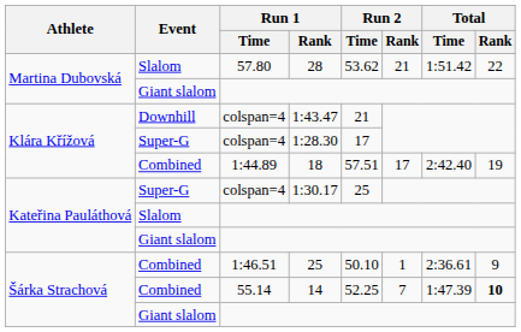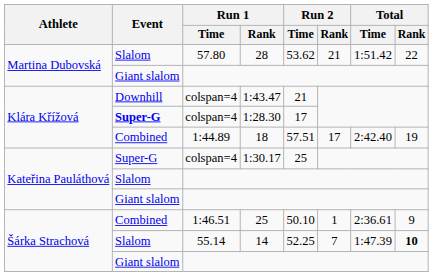 <table class="wikitable" style="font-size:90%">
 <tr>
 <th rowspan=2>Athlete</th>
 <th rowspan=2>Event</th>
 <th colspan=2>Run 1</th>
 <th colspan=2>Run 2</th>
 <th colspan=2>Total</th>
 </tr>
 <tr style="font-size:95%">
 <th>Time</th>
 <th>Rank</th>
 <th>Time</th>
 <th>Rank</th>
 <th>Time</th>
 <th>Rank</th>
 </tr>
 <tr align=center>
 <td align=left rowspan=2><a href='#'>Martina Dubovská</a></td>
 <td align=left><a href='#'>Slalom</a></td>
 <td>57.80</td>
 <td>28</td>
 <td>53.62</td>
 <td>21</td>
 <td>1:51.42</td>
 <td>22</td>
 </tr>
 <tr align=center>
 <td align=left><a href='#'>Giant slalom</a></td>
 <td colspan=6></td>
 </tr>
 <tr align=center>
 <td align=left rowspan=3><a href='#'>Klára Křížová</a></td>
 <td align=left><a href='#'>Downhill</a></td>
 <td>colspan=4 </td>
 <td>1:43.47</td>
 <td>21</td>
 </tr>
 <tr align=center>
-<td align=left><a href='#'>Super-G</a></td>
+<td align=left><strong><a href='#'>Super-G</a></strong></td>
 <td>colspan=4 </td>
 <td>1:28.30</td>
 <td>17</td>
 </tr>
 <tr align=center>
 <td align=left><a href='#'>Combined</a></td>
 <td>1:44.89</td>
 <td>18</td>
 <td>57.51</td>
 <td>17</td>
 <td>2:42.40</td>
 <td>19</td>
 </tr>
 <tr align=center>
 <td align=left rowspan=3><a href='#'>Kateřina Pauláthová</a></td>
 <td align=left><a href='#'>Super-G</a></td>
 <td>colspan=4 </td>
 <td>1:30.17</td>
 <td>25</td>
 </tr>
 <tr align=center>
 <td align=left><a href='#'>Slalom</a></td>
 <td colspan=6></td>
 </tr>
 <tr align=center>
 <td align=left><a href='#'>Giant slalom</a></td>
 <td colspan=6></td>
 </tr>
 <tr align=center>
 <td align=left rowspan=3><a href='#'>Šárka Strachová</a></td>
 <td align=left><a href='#'>Combined</a></td>
 <td>1:46.51</td>
 <td>25</td>
 <td>50.10</td>
 <td>1</td>
 <td>2:36.61</td>
 <td>9</td>
 </tr>
 <tr align=center>
-<td align=left><a href='#'>Combined</a></td>
+<td align=left><a href='#'>Slalom</a></td>
 <td>55.14</td>
 <td>14</td>
 <td>52.25</td>
 <td>7</td>
 <td>1:47.39</td>
 <td><strong>10</strong></td>
 </tr>
 <tr align=center>
 <td align=left><a href='#'>Giant slalom</a></td>
 <td colspan=6></td>
 </tr>
 </table>
